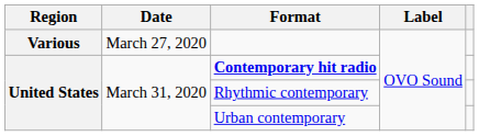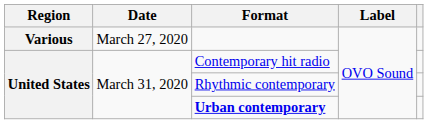 <table class="wikitable plainrowheaders">
 <tr>
 <th scope="col">Region</th>
 <th scope="col">Date</th>
 <th scope="col">Format</th>
 <th scope="col">Label</th>
 <th scope="col"></th>
 </tr>
 <tr>
 <th scope="row">Various</th>
 <td>March 27, 2020</td>
 <td></td>
 <td rowspan="6"><a href='#'>OVO Sound</a></td>
 <td align="center"></td>
 </tr>
 <tr>
 <th rowspan="3" scope="row">United States</th>
 <td rowspan="3">March 31, 2020</td>
-<td><strong><a href='#'>Contemporary hit radio</a></strong></td>
+<td><a href='#'>Contemporary hit radio</a></td>
 <td align="center"></td>
 </tr>
 <tr>
 <td><a href='#'>Rhythmic contemporary</a></td>
 <td align="center"></td>
 </tr>
 <tr>
-<td><a href='#'>Urban contemporary</a></td>
+<td><strong><a href='#'>Urban contemporary</a></strong></td>
 <td align="center"></td>
 </tr>
 </table>
